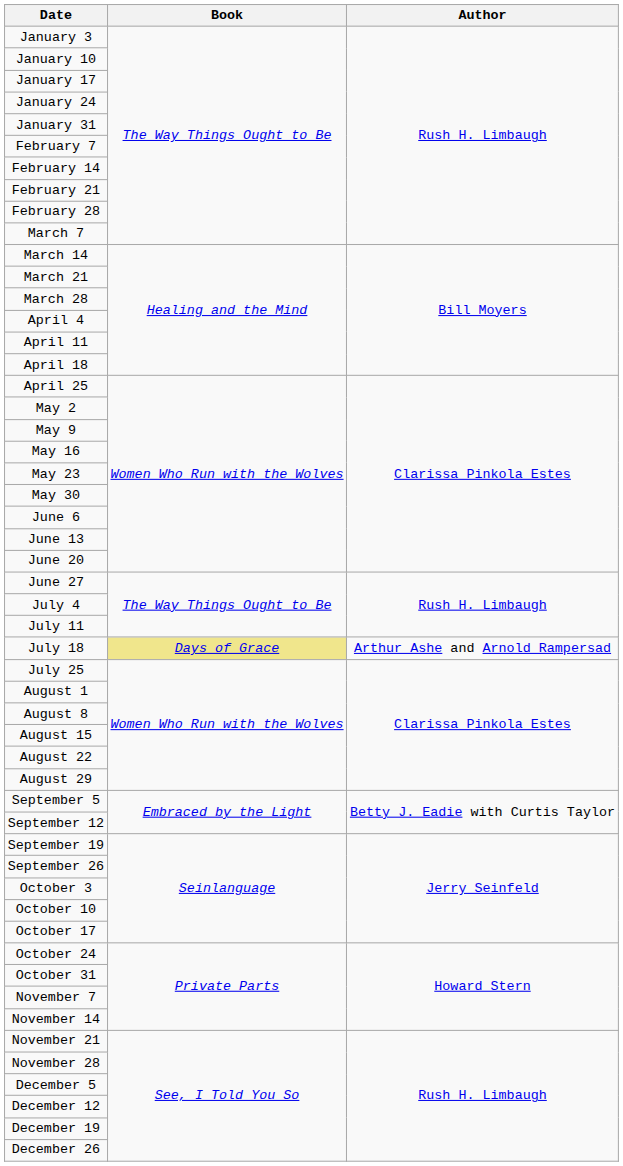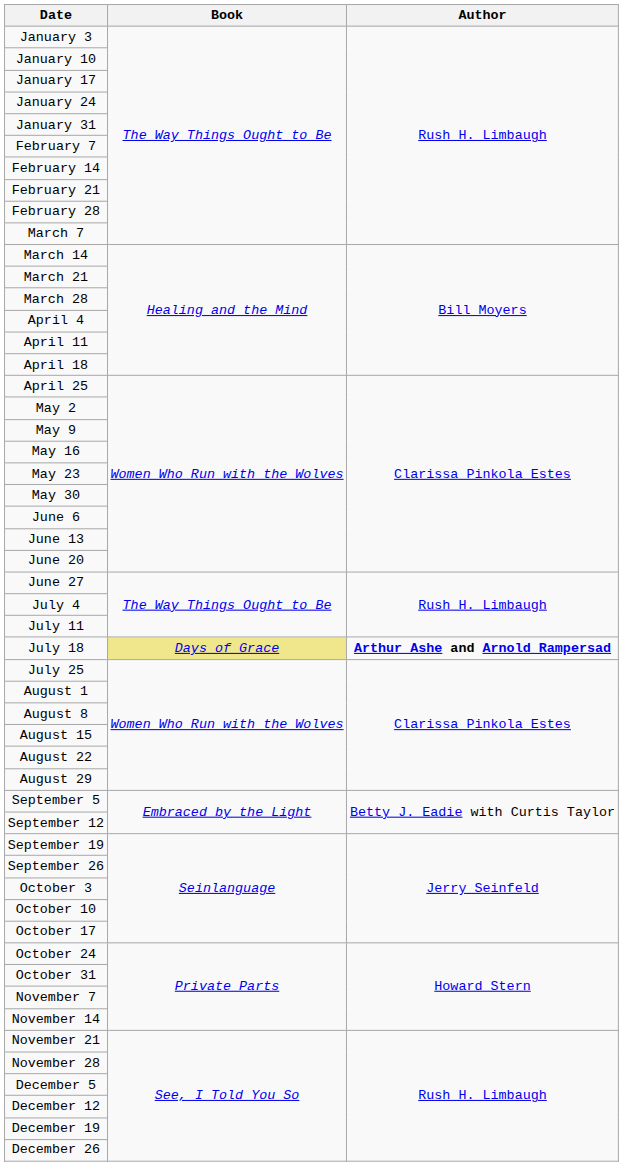 <table class="wikitable" style="text-align: center">
 <tr>
 <th>Date</th>
 <th>Book</th>
 <th>Author</th>
 </tr>
 <tr>
 <td>January 3</td>
 <td rowspan=10><em><a href='#'>The Way Things Ought to Be</a></em></td>
 <td rowspan=10><a href='#'>Rush H. Limbaugh</a></td>
 </tr>
 <tr>
 <td>January 10</td>
 </tr>
 <tr>
 <td>January 17</td>
 </tr>
 <tr>
 <td>January 24</td>
 </tr>
 <tr>
 <td>January 31</td>
 </tr>
 <tr>
 <td>February 7</td>
 </tr>
 <tr>
 <td>February 14</td>
 </tr>
 <tr>
 <td>February 21</td>
 </tr>
 <tr>
 <td>February 28</td>
 </tr>
 <tr>
 <td>March 7</td>
 </tr>
 <tr>
 <td>March 14</td>
 <td rowspan=6><em><a href='#'>Healing and the Mind</a></em></td>
 <td rowspan=6><a href='#'>Bill Moyers</a></td>
 </tr>
 <tr>
 <td>March 21</td>
 </tr>
 <tr>
 <td>March 28</td>
 </tr>
 <tr>
 <td>April 4</td>
 </tr>
 <tr>
 <td>April 11</td>
 </tr>
 <tr>
 <td>April 18</td>
 </tr>
 <tr>
 <td>April 25</td>
 <td rowspan=9><em><a href='#'>Women Who Run with the Wolves</a></em></td>
 <td rowspan=9><a href='#'>Clarissa Pinkola Estes</a></td>
 </tr>
 <tr>
 <td>May 2</td>
 </tr>
 <tr>
 <td>May 9</td>
 </tr>
 <tr>
 <td>May 16</td>
 </tr>
 <tr>
 <td>May 23</td>
 </tr>
 <tr>
 <td>May 30</td>
 </tr>
 <tr>
 <td>June 6</td>
 </tr>
 <tr>
 <td>June 13</td>
 </tr>
 <tr>
 <td>June 20</td>
 </tr>
 <tr>
 <td>June 27</td>
 <td rowspan=3><em><a href='#'>The Way Things Ought to Be</a></em></td>
 <td rowspan=3><a href='#'>Rush H. Limbaugh</a></td>
 </tr>
 <tr>
 <td>July 4</td>
 </tr>
 <tr>
 <td>July 11</td>
 </tr>
 <tr>
 <td>July 18</td>
 <td style="background: khaki;"><em><a href='#'>Days of Grace</a></em></td>
-<td><a href='#'>Arthur Ashe</a> and <a href='#'>Arnold Rampersad</a></td>
+<td><strong><a href='#'>Arthur Ashe</a> and <a href='#'>Arnold Rampersad</a></strong></td>
 </tr>
 <tr>
 <td>July 25</td>
 <td rowspan=6><em><a href='#'>Women Who Run with the Wolves</a></em></td>
 <td rowspan=6><a href='#'>Clarissa Pinkola Estes</a></td>
 </tr>
 <tr>
 <td>August 1</td>
 </tr>
 <tr>
 <td>August 8</td>
 </tr>
 <tr>
 <td>August 15</td>
 </tr>
 <tr>
 <td>August 22</td>
 </tr>
 <tr>
 <td>August 29</td>
 </tr>
 <tr>
 <td>September 5</td>
 <td rowspan=2><em><a href='#'>Embraced by the Light</a></em></td>
 <td rowspan=2><a href='#'>Betty J. Eadie</a> with Curtis Taylor</td>
 </tr>
 <tr>
 <td>September 12</td>
 </tr>
 <tr>
 <td>September 19</td>
 <td rowspan=5><em><a href='#'>Seinlanguage</a></em></td>
 <td rowspan=5><a href='#'>Jerry Seinfeld</a></td>
 </tr>
 <tr>
 <td>September 26</td>
 </tr>
 <tr>
 <td>October 3</td>
 </tr>
 <tr>
 <td>October 10</td>
 </tr>
 <tr>
 <td>October 17</td>
 </tr>
 <tr>
 <td>October 24</td>
 <td rowspan=4><em><a href='#'>Private Parts</a></em></td>
 <td rowspan=4><a href='#'>Howard Stern</a></td>
 </tr>
 <tr>
 <td>October 31</td>
 </tr>
 <tr>
 <td>November 7</td>
 </tr>
 <tr>
 <td>November 14</td>
 </tr>
 <tr>
 <td>November 21</td>
 <td rowspan=6><em><a href='#'>See, I Told You So</a></em></td>
 <td rowspan=6><a href='#'>Rush H. Limbaugh</a></td>
 </tr>
 <tr>
 <td>November 28</td>
 </tr>
 <tr>
 <td>December 5</td>
 </tr>
 <tr>
 <td>December 12</td>
 </tr>
 <tr>
 <td>December 19</td>
 </tr>
 <tr>
 <td>December 26</td>
 </tr>
 </table>
